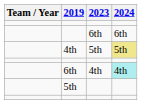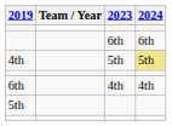 <table class="wikitable" style="text-align:left;">
 <tr>
+<th><a href='#'>2019</a></th>
 <th style="text-align:left;">Team / Year</th>
-<th><a href='#'>2019</a></th>
 <th><a href='#'>2023</a></th>
 <th><a href='#'>2024</a></th>
 </tr>
 <tr>
 <td></td>
 <td></td>
 <td></td>
 <td></td>
 </tr>
 <tr>
 <td></td>
 <td></td>
 <td>6th</td>
 <td>6th</td>
 </tr>
 <tr>
+<td>4th</td>
 <td></td>
-<td>4th</td>
 <td>5th</td>
 <td style="background: khaki;">5th</td>
 </tr>
 <tr>
 <td></td>
 <td></td>
 <td></td>
 <td></td>
 </tr>
 <tr>
+<td>6th</td>
 <td></td>
-<td>6th</td>
 <td>4th</td>
-<td style="background: paleturquoise;">4th</td>
+<td>4th</td>
 </tr>
 <tr>
+<td>5th</td>
 <td></td>
-<td>5th</td>
 <td></td>
 <td></td>
 </tr>
 <tr>
 <td></td>
 <td></td>
 <td></td>
 <td></td>
 </tr>
 </table>
